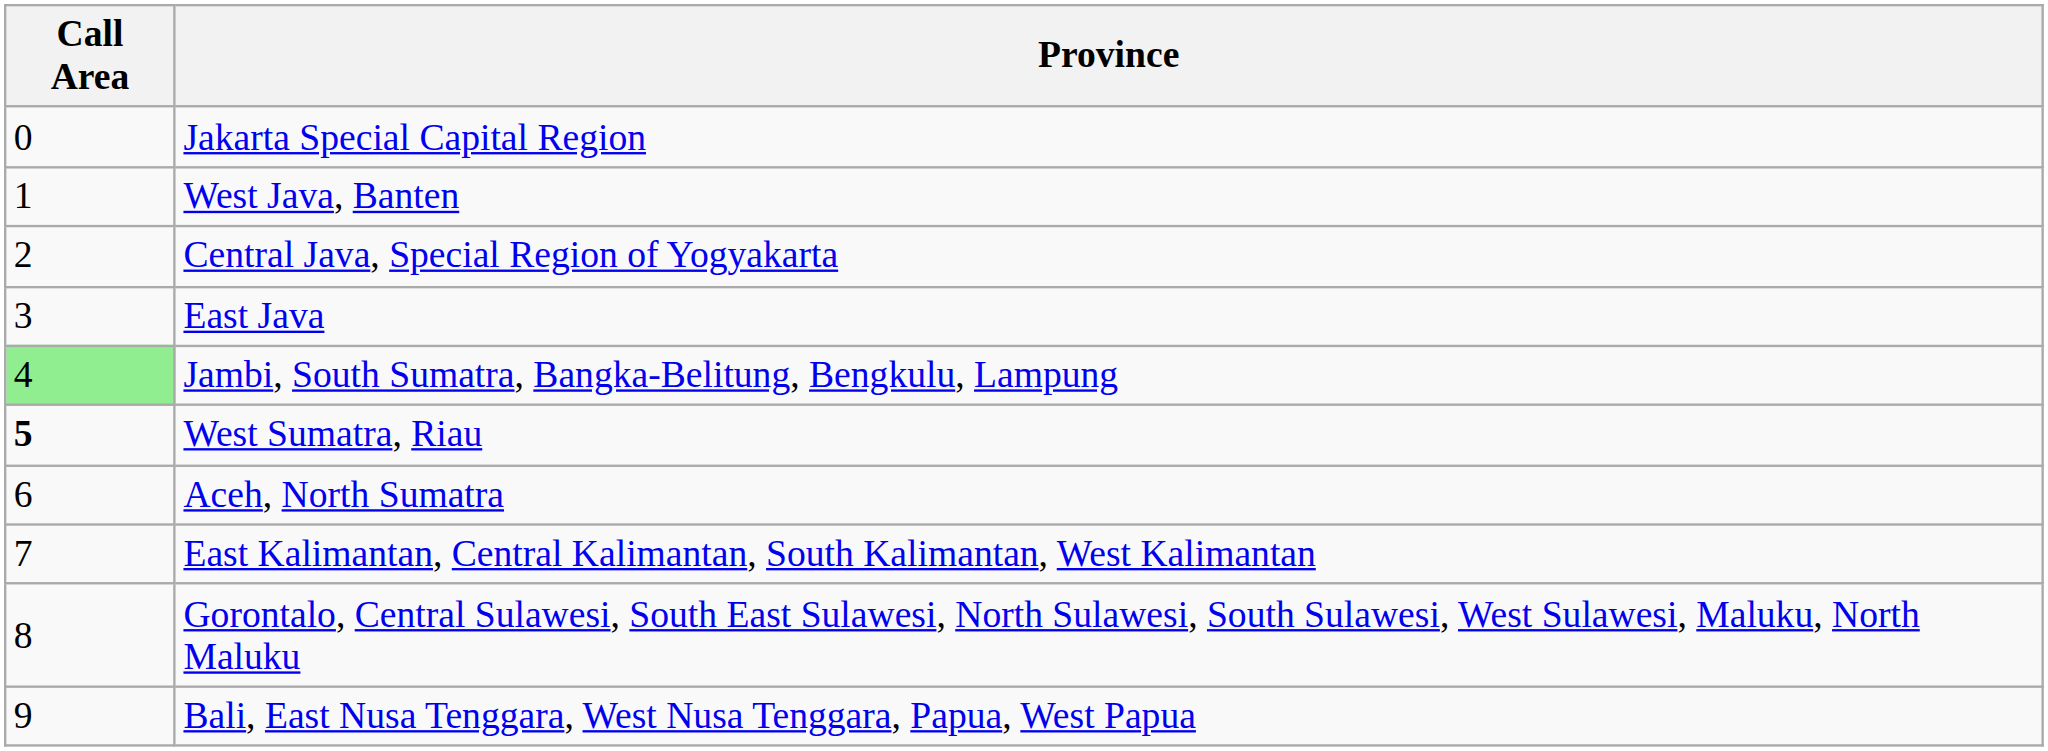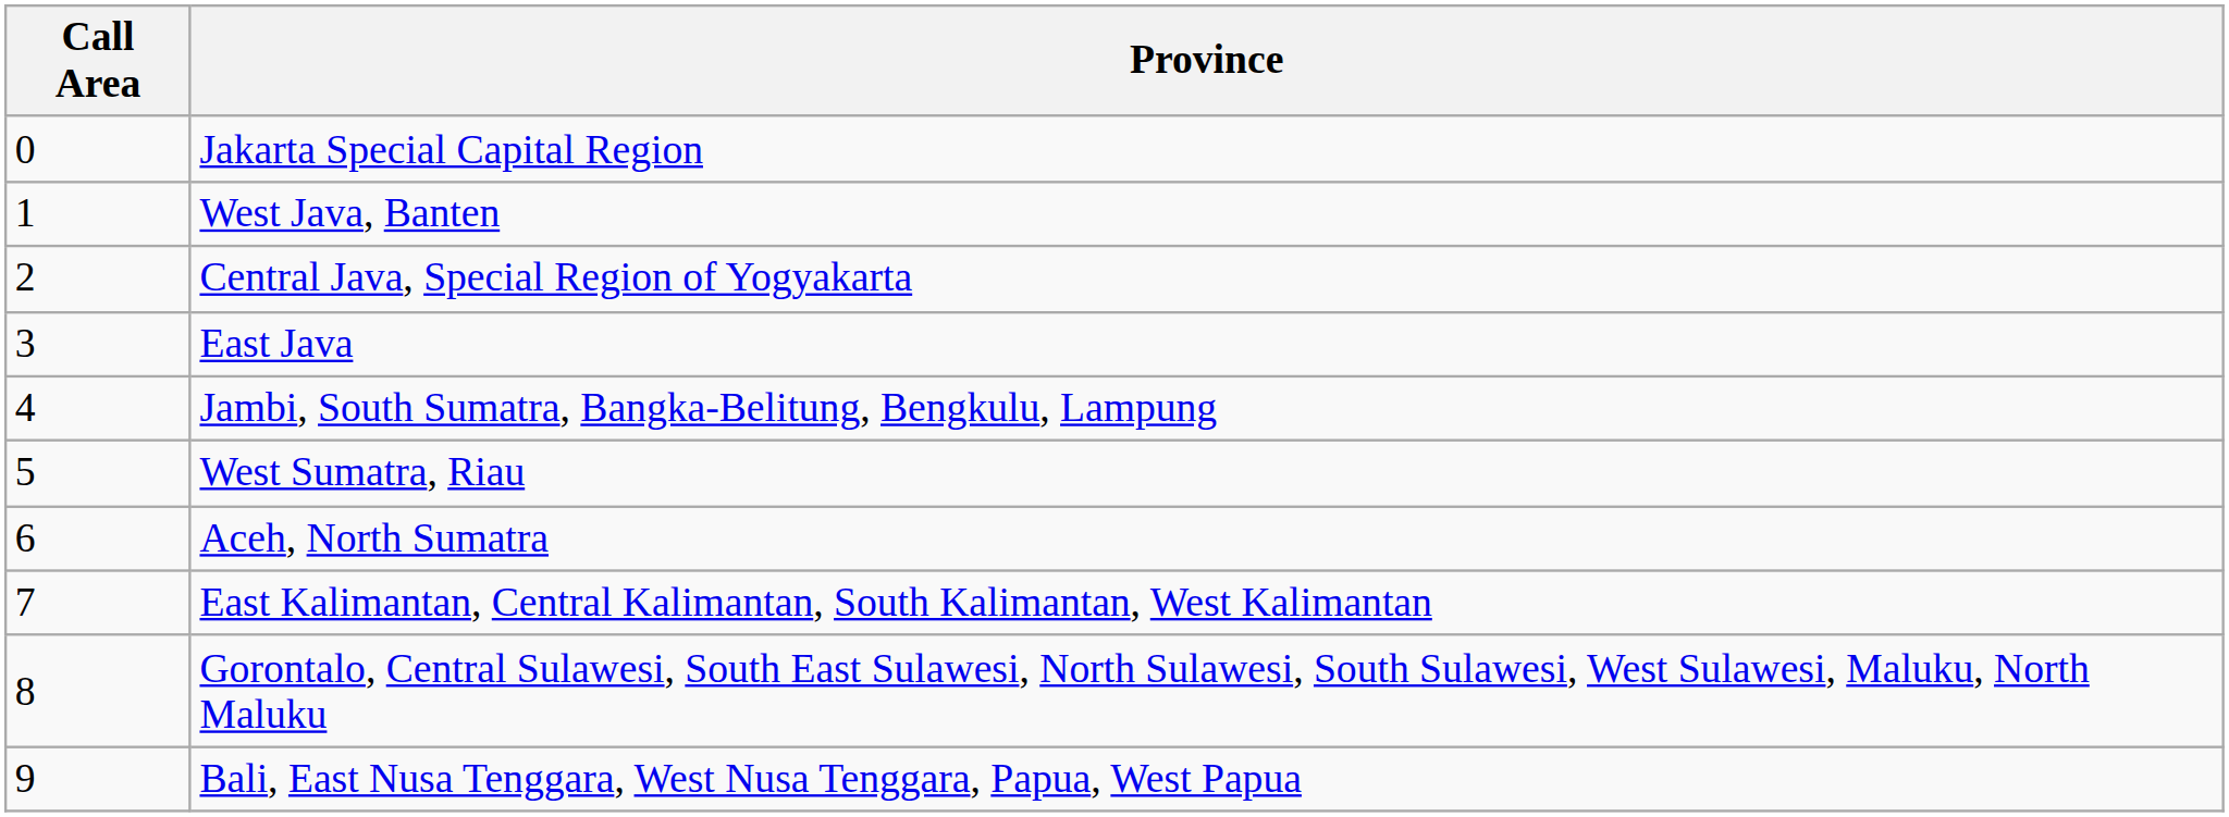 <table class="wikitable">
 <tr>
 <th>Call Area</th>
 <th>Province</th>
 </tr>
 <tr>
 <td>0</td>
 <td><a href='#'>Jakarta Special Capital Region</a></td>
 </tr>
 <tr>
 <td>1</td>
 <td><a href='#'>West Java</a>, <a href='#'>Banten</a></td>
 </tr>
 <tr>
 <td>2</td>
 <td><a href='#'>Central Java</a>, <a href='#'>Special Region of Yogyakarta</a></td>
 </tr>
 <tr>
 <td>3</td>
 <td><a href='#'>East Java</a></td>
 </tr>
 <tr>
-<td style="background: lightgreen;">4</td>
+<td>4</td>
 <td><a href='#'>Jambi</a>, <a href='#'>South Sumatra</a>, <a href='#'>Bangka-Belitung</a>, <a href='#'>Bengkulu</a>, <a href='#'>Lampung</a></td>
 </tr>
 <tr>
-<td><strong>5</strong></td>
+<td>5</td>
 <td><a href='#'>West Sumatra</a>, <a href='#'>Riau</a></td>
 </tr>
 <tr>
 <td>6</td>
 <td><a href='#'>Aceh</a>, <a href='#'>North Sumatra</a></td>
 </tr>
 <tr>
 <td>7</td>
 <td><a href='#'>East Kalimantan</a>, <a href='#'>Central Kalimantan</a>, <a href='#'>South Kalimantan</a>, <a href='#'>West Kalimantan</a></td>
 </tr>
 <tr>
 <td>8</td>
 <td><a href='#'>Gorontalo</a>, <a href='#'>Central Sulawesi</a>, <a href='#'>South East Sulawesi</a>, <a href='#'>North Sulawesi</a>, <a href='#'>South Sulawesi</a>, <a href='#'>West Sulawesi</a>, <a href='#'>Maluku</a>, <a href='#'>North Maluku</a></td>
 </tr>
 <tr>
 <td>9</td>
 <td><a href='#'>Bali</a>, <a href='#'>East Nusa Tenggara</a>, <a href='#'>West Nusa Tenggara</a>, <a href='#'>Papua</a>, <a href='#'>West Papua</a></td>
 </tr>
 </table>
